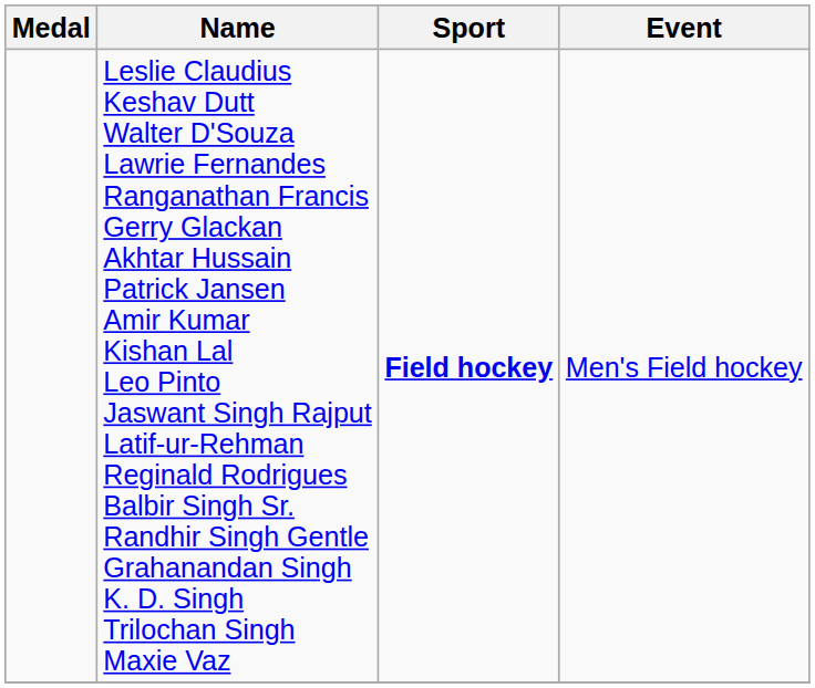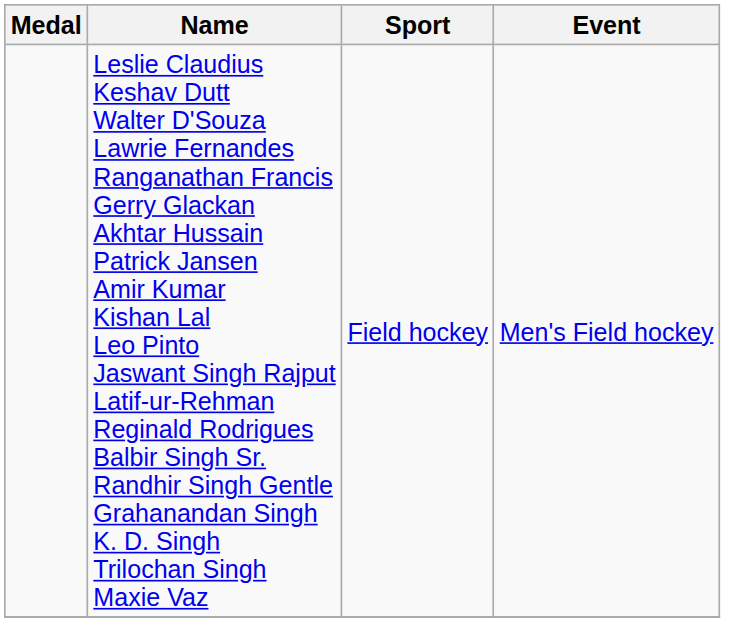 <table class="wikitable sortable" style="font-size:95%">
 <tr>
 <th>Medal</th>
 <th>Name</th>
 <th>Sport</th>
 <th>Event</th>
 </tr>
 <tr>
 <td></td>
 <td><a href='#'>Leslie Claudius</a><br><a href='#'>Keshav Dutt</a><br><a href='#'>Walter D'Souza</a><br><a href='#'>Lawrie Fernandes</a><br><a href='#'>Ranganathan Francis</a><br><a href='#'>Gerry Glackan</a><br><a href='#'>Akhtar Hussain</a><br><a href='#'>Patrick Jansen</a><br><a href='#'>Amir Kumar</a><br><a href='#'>Kishan Lal</a><br><a href='#'>Leo Pinto</a><br><a href='#'>Jaswant Singh Rajput</a><br><a href='#'>Latif-ur-Rehman</a><br><a href='#'>Reginald Rodrigues</a><br><a href='#'>Balbir Singh Sr.</a><br><a href='#'>Randhir Singh Gentle</a><br><a href='#'>Grahanandan Singh</a><br><a href='#'>K. D. Singh</a><br><a href='#'>Trilochan Singh</a><br><a href='#'>Maxie Vaz</a></td>
-<td><strong><a href='#'>Field hockey</a></strong></td>
+<td><a href='#'>Field hockey</a></td>
 <td><a href='#'>Men's Field hockey</a></td>
 </tr>
 <tr>
 </tr>
 </table>
